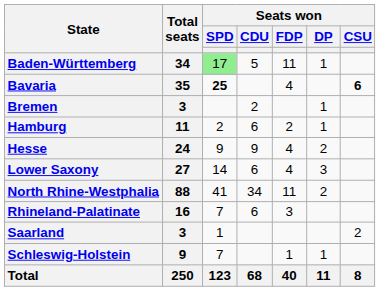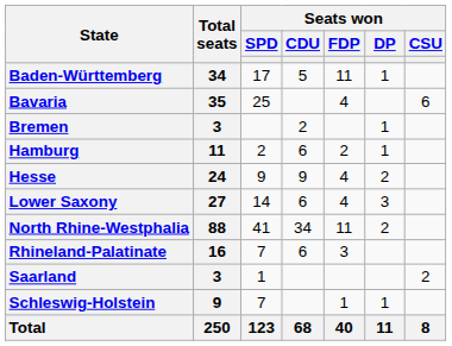 <table class="wikitable" style="text-align:center; font-size: 0.9em;">
 <tr>
 <th rowspan="3">State</th>
 <th rowspan="3">Total<br>seats</th>
 <th colspan="5">Seats won</th>
 </tr>
 <tr>
 <th class="unsortable" style="width:30px;"><a href='#'>SPD</a></th>
 <th class="unsortable" style="width:30px;"><a href='#'>CDU</a></th>
 <th class="unsortable" style="width:30px;"><a href='#'>FDP</a></th>
 <th class="unsortable" style="width:30px;"><a href='#'>DP</a></th>
 <th class="unsortable" style="width:30px;"><a href='#'>CSU</a></th>
 </tr>
 <tr>
 <th style="background:"></th>
 <th style="background:"></th>
 <th style="background:"></th>
 <th style="background:"></th>
 <th style="background:"></th>
 </tr>
 <tr>
 <th style="text-align: left;"><a href='#'>Baden-Württemberg</a></th>
 <th>34</th>
-<td style="background: lightgreen;">17</td>
+<td>17</td>
 <td>5</td>
 <td>11</td>
 <td>1</td>
 <td></td>
 </tr>
 <tr>
 <th style="text-align: left;"><a href='#'>Bavaria</a></th>
 <th>35</th>
-<td><strong>25</strong></td>
+<td>25</td>
 <td></td>
 <td>4</td>
 <td></td>
-<td><strong>6</strong></td>
+<td>6</td>
 </tr>
 <tr>
 <th style="text-align: left;"><a href='#'>Bremen</a></th>
 <th>3</th>
 <td></td>
 <td>2</td>
 <td></td>
 <td>1</td>
 <td></td>
 </tr>
 <tr>
 <th style="text-align: left;"><a href='#'>Hamburg</a></th>
 <th>11</th>
 <td>2</td>
 <td>6</td>
 <td>2</td>
 <td>1</td>
 <td></td>
 </tr>
 <tr>
 <th style="text-align: left;"><a href='#'>Hesse</a></th>
 <th>24</th>
 <td>9</td>
 <td>9</td>
 <td>4</td>
 <td>2</td>
 <td></td>
 </tr>
 <tr>
 <th style="text-align: left;"><a href='#'>Lower Saxony</a></th>
 <th>27</th>
 <td>14</td>
 <td>6</td>
 <td>4</td>
 <td>3</td>
 <td></td>
 </tr>
 <tr>
 <th style="text-align: left;"><a href='#'>North Rhine-Westphalia</a></th>
 <th>88</th>
 <td>41</td>
 <td>34</td>
 <td>11</td>
 <td>2</td>
 <td></td>
 </tr>
 <tr>
 <th style="text-align: left;"><a href='#'>Rhineland-Palatinate</a></th>
 <th>16</th>
 <td>7</td>
 <td>6</td>
 <td>3</td>
 <td></td>
 <td></td>
 </tr>
 <tr>
 <th style="text-align: left;"><a href='#'>Saarland</a></th>
 <th>3</th>
 <td>1</td>
 <td></td>
 <td></td>
 <td></td>
 <td>2</td>
 </tr>
 <tr>
 <th style="text-align: left;"><a href='#'>Schleswig-Holstein</a></th>
 <th>9</th>
 <td>7</td>
 <td></td>
 <td>1</td>
 <td>1</td>
 <td></td>
 </tr>
 <tr class="sortbottom">
 <th style="text-align: left;">Total</th>
 <th>250</th>
 <th>123</th>
 <th>68</th>
 <th>40</th>
 <th>11</th>
 <th>8</th>
 </tr>
 </table>
